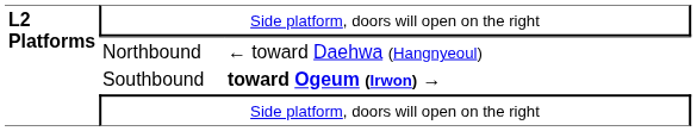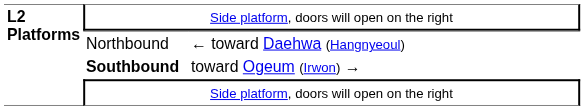 <table table border=0 cellspacing=0 cellpadding=3>
 <tr>
 <td style="border-top:solid 1px gray;border-bottom:solid 1px gray;" width=50 rowspan=10 valign=top><strong>L2<br>Platforms</strong></td>
 <td style="border-top:solid 1px gray;border-right:solid 2px black;border-left:solid 2px black;border-bottom:solid 2px black;text-align:center;" colspan=2><small><a href='#'>Side platform</a>, doors will open on the right</small></td>
 </tr>
 <tr>
 <td style="border-bottom:solid 0px gray;border-top:solid 1px gray;" width=100>Northbound</td>
 <td style="border-bottom:solid 0px gray;border-top:solid 1px gray;" width=390>←  toward <a href='#'>Daehwa</a> <small>(<a href='#'>Hangnyeoul</a>)</small></td>
 </tr>
 <tr>
-<td>Southbound</td>
-<td><strong>  toward <a href='#'>Ogeum</a> <small>(<a href='#'>Irwon</a>)</small> →</strong></td>
+<td><strong>Southbound</strong></td>
+<td>  toward <a href='#'>Ogeum</a> <small>(<a href='#'>Irwon</a>)</small> →</td>
 </tr>
 <tr>
 <td style="border-top:solid 2px black;border-right:solid 2px black;border-left:solid 2px black;border-bottom:solid 1px gray;text-align:center;" colspan=2><small><a href='#'>Side platform</a>, doors will open on the right</small></td>
 </tr>
 </table>
